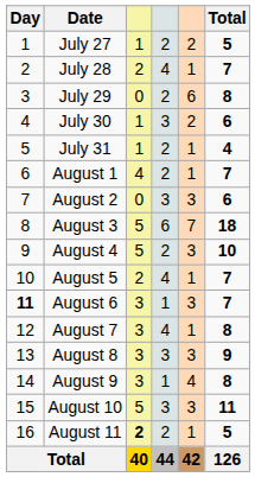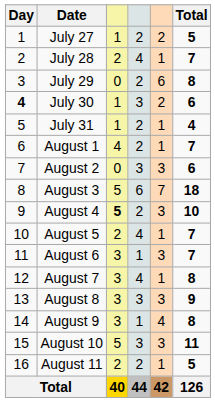 <table class=wikitable style=font-size:85%;float:right;text-align:center>
 <tr>
 <th>Day</th>
 <th>Date</th>
 <td bgcolor=F7F6A8></td>
 <td bgcolor=DCE5E5></td>
 <td bgcolor=FFDAB9></td>
 <th>Total</th>
 </tr>
 <tr>
 <td>1</td>
 <td>July 27</td>
 <td bgcolor=F7F6A8>1</td>
 <td bgcolor=DCE5E5>2</td>
 <td bgcolor=FFDAB9>2</td>
 <td><strong>5</strong></td>
 </tr>
 <tr>
 <td>2</td>
 <td>July 28</td>
 <td bgcolor=F7F6A8>2</td>
 <td bgcolor=DCE5E5>4</td>
 <td bgcolor=FFDAB9>1</td>
 <td><strong>7</strong></td>
 </tr>
 <tr>
 <td>3</td>
 <td>July 29</td>
 <td bgcolor=F7F6A8>0</td>
 <td bgcolor=DCE5E5>2</td>
 <td bgcolor=FFDAB9>6</td>
 <td><strong>8</strong></td>
 </tr>
 <tr>
-<td>4</td>
+<td><strong>4</strong></td>
 <td>July 30</td>
 <td bgcolor=F7F6A8>1</td>
 <td bgcolor=DCE5E5>3</td>
 <td bgcolor=FFDAB9>2</td>
 <td><strong>6</strong></td>
 </tr>
 <tr>
 <td>5</td>
 <td>July 31</td>
 <td bgcolor=F7F6A8>1</td>
 <td bgcolor=DCE5E5>2</td>
 <td bgcolor=FFDAB9>1</td>
 <td><strong>4</strong></td>
 </tr>
 <tr>
 <td>6</td>
 <td>August 1</td>
 <td bgcolor=F7F6A8>4</td>
 <td bgcolor=DCE5E5>2</td>
 <td bgcolor=FFDAB9>1</td>
 <td><strong>7</strong></td>
 </tr>
 <tr>
 <td>7</td>
 <td>August 2</td>
 <td bgcolor=F7F6A8>0</td>
 <td bgcolor=DCE5E5>3</td>
 <td bgcolor=FFDAB9>3</td>
 <td><strong>6</strong></td>
 </tr>
 <tr>
 <td>8</td>
 <td>August 3</td>
 <td bgcolor=F7F6A8>5</td>
 <td bgcolor=DCE5E5>6</td>
 <td bgcolor=FFDAB9>7</td>
 <td><strong>18</strong></td>
 </tr>
 <tr>
 <td>9</td>
 <td>August 4</td>
-<td bgcolor=F7F6A8>5</td>
+<td bgcolor=F7F6A8><strong>5</strong></td>
 <td bgcolor=DCE5E5>2</td>
 <td bgcolor=FFDAB9>3</td>
 <td><strong>10</strong></td>
 </tr>
 <tr>
 <td>10</td>
 <td>August 5</td>
 <td bgcolor=F7F6A8>2</td>
 <td bgcolor=DCE5E5>4</td>
 <td bgcolor=FFDAB9>1</td>
 <td><strong>7</strong></td>
 </tr>
 <tr>
-<td><strong>11</strong></td>
+<td>11</td>
 <td>August 6</td>
 <td bgcolor=F7F6A8>3</td>
 <td bgcolor=DCE5E5>1</td>
 <td bgcolor=FFDAB9>3</td>
 <td><strong>7</strong></td>
 </tr>
 <tr>
 <td>12</td>
 <td>August 7</td>
 <td bgcolor=F7F6A8>3</td>
 <td bgcolor=DCE5E5>4</td>
 <td bgcolor=FFDAB9>1</td>
 <td><strong>8</strong></td>
 </tr>
 <tr>
 <td>13</td>
 <td>August 8</td>
 <td bgcolor=F7F6A8>3</td>
 <td bgcolor=DCE5E5>3</td>
 <td bgcolor=FFDAB9>3</td>
 <td><strong>9</strong></td>
 </tr>
 <tr>
 <td>14</td>
 <td>August 9</td>
 <td bgcolor=F7F6A8>3</td>
 <td bgcolor=DCE5E5>1</td>
 <td bgcolor=FFDAB9>4</td>
 <td><strong>8</strong></td>
 </tr>
 <tr>
 <td>15</td>
 <td>August 10</td>
 <td bgcolor=F7F6A8>5</td>
 <td bgcolor=DCE5E5>3</td>
 <td bgcolor=FFDAB9>3</td>
 <td><strong>11</strong></td>
 </tr>
 <tr>
 <td>16</td>
 <td>August 11</td>
-<td bgcolor=F7F6A8><strong>2</strong></td>
+<td bgcolor=F7F6A8>2</td>
 <td bgcolor=DCE5E5>2</td>
 <td bgcolor=FFDAB9>1</td>
 <td><strong>5</strong></td>
 </tr>
 <tr>
 <th colspan=2>Total</th>
 <th style=background:gold>40</th>
 <th style=background:silver>44</th>
 <th style=background:#c96>42</th>
 <th>126</th>
 </tr>
 </table>
